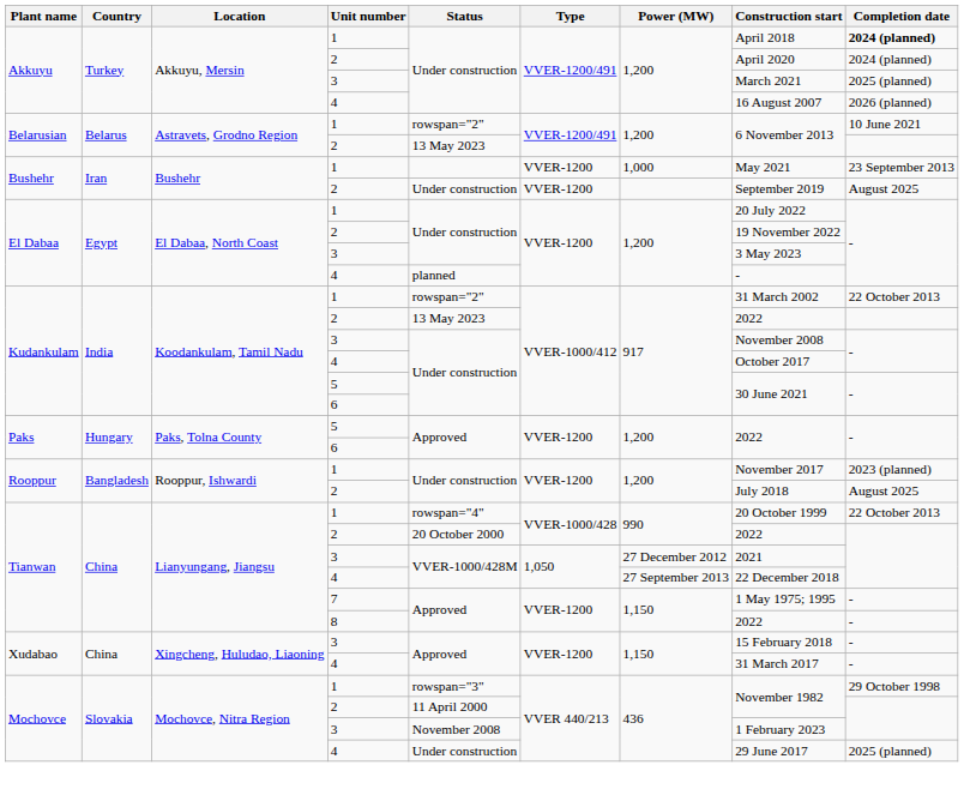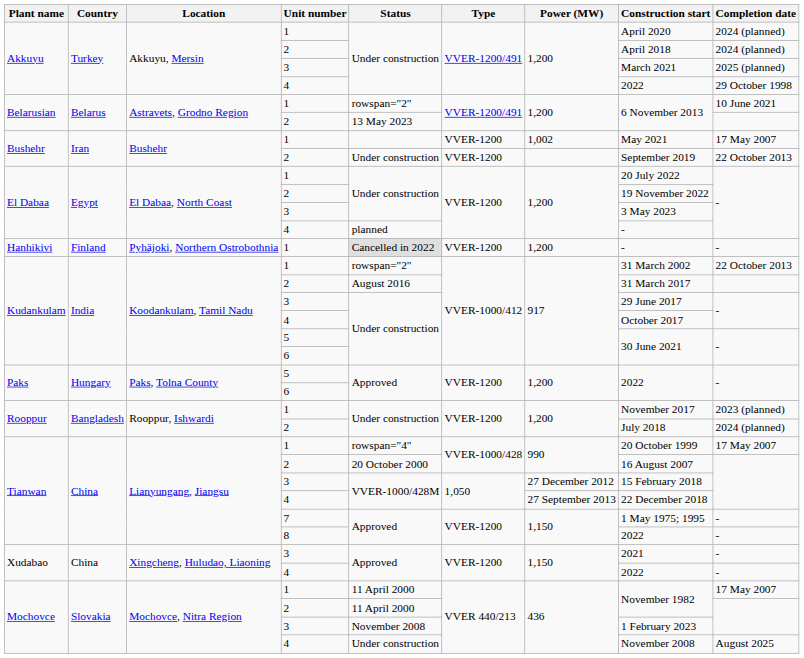 <table class="wikitable">
 <tr>
 <th>Plant name</th>
 <th>Country</th>
 <th>Location</th>
 <th>Unit number</th>
 <th>Status</th>
 <th>Type</th>
 <th>Power (MW)</th>
 <th>Construction start</th>
 <th>Completion date</th>
 </tr>
 <tr>
 <td rowspan="4"><a href='#'>Akkuyu</a></td>
 <td rowspan="4"><a href='#'>Turkey</a></td>
 <td rowspan="4">Akkuyu, <a href='#'>Mersin</a></td>
 <td>1</td>
 <td rowspan="4">Under construction</td>
 <td rowspan="4"><a href='#'>VVER-1200/491</a></td>
 <td rowspan="4">1,200</td>
-<td>April 2018</td>
-<td><strong>2024 (planned)</strong></td>
+<td>April 2020</td>
+<td>2024 (planned)</td>
 </tr>
 <tr>
 <td>2</td>
-<td>April 2020</td>
+<td>April 2018</td>
 <td>2024 (planned)</td>
 </tr>
 <tr>
 <td>3</td>
 <td>March 2021</td>
 <td>2025 (planned)</td>
 </tr>
 <tr>
 <td>4</td>
-<td>16 August 2007</td>
-<td>2026 (planned)</td>
+<td>2022 </td>
+<td>29 October 1998</td>
 </tr>
 <tr>
 <td rowspan="2"><a href='#'>Belarusian</a></td>
 <td rowspan="2"><a href='#'>Belarus</a></td>
 <td rowspan="2"><a href='#'>Astravets</a>, <a href='#'>Grodno Region</a></td>
 <td>1</td>
 <td>rowspan="2" </td>
 <td rowspan="2"><a href='#'>VVER-1200/491</a></td>
 <td rowspan="2">1,200</td>
 <td rowspan="2">6 November 2013</td>
 <td>10 June 2021 </td>
 </tr>
 <tr>
 <td>2</td>
 <td>13 May 2023</td>
 </tr>
 <tr>
 <td rowspan="2"><a href='#'>Bushehr</a></td>
 <td rowspan="2"><a href='#'>Iran</a></td>
 <td rowspan="2"><a href='#'>Bushehr</a></td>
 <td>1</td>
 <td></td>
 <td>VVER-1200</td>
-<td>1,000</td>
+<td>1,002</td>
 <td>May 2021</td>
-<td>23 September 2013</td>
+<td>17 May 2007</td>
 </tr>
 <tr>
 <td>2</td>
 <td>Under construction</td>
 <td>VVER-1200</td>
 <td></td>
 <td>September 2019</td>
-<td>August 2025</td>
+<td>22 October 2013</td>
 </tr>
 <tr>
 <td rowspan="4"><a href='#'>El Dabaa</a></td>
 <td rowspan="4"><a href='#'>Egypt</a></td>
 <td rowspan="4"><a href='#'>El Dabaa</a>, <a href='#'>North Coast</a></td>
 <td>1</td>
 <td rowspan="3">Under construction</td>
 <td rowspan="4">VVER-1200</td>
 <td rowspan="4">1,200</td>
 <td>20 July 2022</td>
 <td rowspan="4">-</td>
 </tr>
 <tr>
 <td>2</td>
 <td>19 November 2022</td>
 </tr>
 <tr>
 <td>3</td>
 <td>3 May 2023</td>
 </tr>
 <tr>
 <td>4</td>
 <td>planned</td>
 <td>-</td>
 </tr>
 <tr>
+<td><a href='#'>Hanhikivi</a></td>
+<td><a href='#'>Finland</a></td>
+<td><a href='#'>Pyhäjoki</a>, <a href='#'>Northern Ostrobothnia</a></td>
+<td>1</td>
+<td style="background:#dfdfdf;">Cancelled in 2022</td>
+<td>VVER-1200</td>
+<td>1,200</td>
+<td>-</td>
+<td>-</td>
+</tr>
+<tr>
 <td rowspan="6"><a href='#'>Kudankulam</a></td>
 <td rowspan="6"><a href='#'>India</a></td>
 <td rowspan="6"><a href='#'>Koodankulam</a>, <a href='#'>Tamil Nadu</a></td>
 <td>1</td>
 <td>rowspan="2" </td>
 <td rowspan="6">VVER-1000/412</td>
 <td rowspan="6">917</td>
 <td>31 March 2002</td>
 <td>22 October 2013</td>
 </tr>
 <tr>
 <td>2</td>
-<td>13 May 2023</td>
-<td>2022</td>
+<td>August 2016</td>
+<td>31 March 2017</td>
 </tr>
 <tr>
 <td>3</td>
 <td rowspan="4">Under construction</td>
-<td>November 2008</td>
+<td>29 June 2017</td>
 <td rowspan="2">-</td>
 </tr>
 <tr>
 <td>4</td>
 <td>October 2017</td>
 </tr>
 <tr>
 <td>5</td>
 <td rowspan="2">30 June 2021</td>
 <td rowspan="2">-</td>
 </tr>
 <tr>
 <td>6</td>
 </tr>
 <tr>
 <td rowspan="2"><a href='#'>Paks</a></td>
 <td rowspan="2"><a href='#'>Hungary</a></td>
 <td rowspan="2"><a href='#'>Paks</a>, <a href='#'>Tolna County</a></td>
 <td>5</td>
 <td rowspan="2">Approved</td>
 <td rowspan="2">VVER-1200</td>
 <td rowspan="2">1,200</td>
 <td rowspan="2">2022</td>
 <td rowspan="2">-</td>
 </tr>
 <tr>
 <td>6</td>
 </tr>
 <tr>
 <td rowspan="2"><a href='#'>Rooppur</a></td>
 <td rowspan="2"><a href='#'>Bangladesh</a></td>
 <td rowspan="2">Rooppur, <a href='#'>Ishwardi</a></td>
 <td>1</td>
 <td rowspan="2">Under construction</td>
 <td rowspan="2">VVER-1200</td>
 <td rowspan="2">1,200</td>
 <td>November 2017</td>
 <td>2023 (planned)</td>
 </tr>
 <tr>
 <td>2</td>
 <td>July 2018</td>
-<td>August 2025</td>
+<td>2024 (planned)</td>
 </tr>
 <tr>
 <td rowspan="6"><a href='#'>Tianwan</a></td>
 <td rowspan="6"><a href='#'>China</a></td>
 <td rowspan="6"><a href='#'>Lianyungang</a>, <a href='#'>Jiangsu</a></td>
 <td>1</td>
 <td>rowspan="4" </td>
 <td rowspan="2">VVER-1000/428</td>
 <td rowspan="2">990</td>
 <td>20 October 1999</td>
-<td>22 October 2013</td>
+<td>17 May 2007</td>
 </tr>
 <tr>
 <td>2</td>
 <td>20 October 2000</td>
-<td>2022 </td>
+<td>16 August 2007</td>
 </tr>
 <tr>
 <td>3</td>
 <td rowspan="2">VVER-1000/428М</td>
 <td rowspan="2">1,050</td>
 <td>27 December 2012</td>
-<td>2021</td>
+<td>15 February 2018</td>
 </tr>
 <tr>
 <td>4</td>
 <td>27 September 2013</td>
 <td>22 December 2018</td>
 </tr>
 <tr>
 <td>7</td>
 <td rowspan="2">Approved</td>
 <td rowspan="2">VVER-1200</td>
 <td rowspan="2">1,150</td>
 <td>1 May 1975; 1995</td>
 <td>-</td>
 </tr>
 <tr>
 <td>8</td>
 <td>2022</td>
 <td>-</td>
 </tr>
 <tr>
 <td rowspan="2">Xudabao</td>
 <td rowspan="2">China</td>
 <td rowspan="2"><a href='#'>Xingcheng</a>, <a href='#'>Huludao, Liaoning</a></td>
 <td>3</td>
 <td rowspan="2">Approved</td>
 <td rowspan="2">VVER-1200</td>
 <td rowspan="2">1,150</td>
-<td>15 February 2018</td>
+<td>2021</td>
 <td>-</td>
 </tr>
 <tr>
 <td>4</td>
-<td>31 March 2017</td>
+<td>2022</td>
 <td>-</td>
 </tr>
 <tr>
 <td rowspan="4"><a href='#'>Mochovce</a></td>
 <td rowspan="4"><a href='#'>Slovakia</a></td>
 <td rowspan="4"><a href='#'>Mochovce</a>, <a href='#'>Nitra Region</a></td>
 <td>1</td>
-<td>rowspan="3" </td>
+<td>11 April 2000</td>
 <td rowspan="4">VVER 440/213</td>
 <td rowspan="4">436</td>
 <td rowspan="2">November 1982</td>
-<td>29 October 1998</td>
+<td>17 May 2007</td>
 </tr>
 <tr>
 <td>2</td>
 <td>11 April 2000</td>
 </tr>
 <tr>
 <td>3</td>
 <td>November 2008</td>
 <td>1 February 2023</td>
 </tr>
 <tr>
 <td>4</td>
 <td>Under construction</td>
-<td>29 June 2017</td>
-<td>2025 (planned)</td>
+<td>November 2008</td>
+<td>August 2025</td>
 </tr>
 </table>
